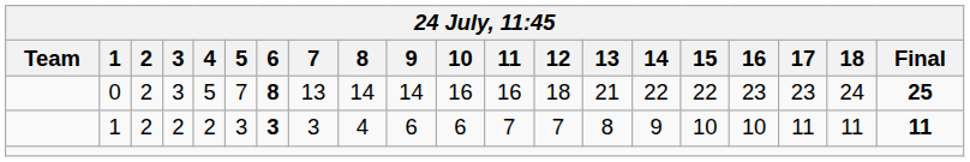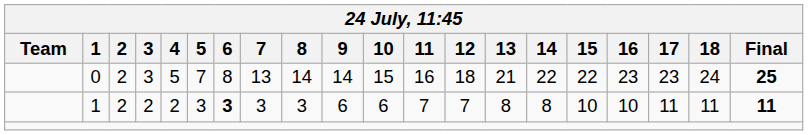 <table class=wikitable style="text-align:center; width: 55%">
 <tr>
 <th colspan=20><em>24 July, 11:45</em></th>
 </tr>
 <tr>
 <th>Team</th>
 <th>1</th>
 <th>2</th>
 <th>3</th>
 <th>4</th>
 <th>5</th>
 <th>6</th>
 <th>7</th>
 <th>8</th>
 <th>9</th>
 <th>10</th>
 <th>11</th>
 <th>12</th>
 <th>13</th>
 <th>14</th>
 <th>15</th>
 <th>16</th>
 <th>17</th>
 <th>18</th>
 <th>Final</th>
 </tr>
 <tr>
 <td align=left><strong></strong></td>
 <td>0</td>
 <td>2</td>
 <td>3</td>
 <td>5</td>
 <td>7</td>
-<td><strong>8</strong></td>
+<td>8</td>
 <td>13</td>
 <td>14</td>
 <td>14</td>
-<td>16</td>
+<td>15</td>
 <td>16</td>
 <td>18</td>
 <td>21</td>
 <td>22</td>
 <td>22</td>
 <td>23</td>
 <td>23</td>
 <td>24</td>
 <td><strong>25</strong></td>
 </tr>
 <tr>
 <td align=left></td>
 <td>1</td>
 <td>2</td>
 <td>2</td>
 <td>2</td>
 <td>3</td>
 <td><strong>3</strong></td>
 <td>3</td>
-<td>4</td>
+<td>3</td>
 <td>6</td>
 <td>6</td>
 <td>7</td>
 <td>7</td>
 <td>8</td>
-<td>9</td>
+<td>8</td>
 <td>10</td>
 <td>10</td>
 <td>11</td>
 <td>11</td>
 <td><strong>11</strong></td>
 </tr>
 <tr>
 <td colspan=20></td>
 </tr>
 </table>
